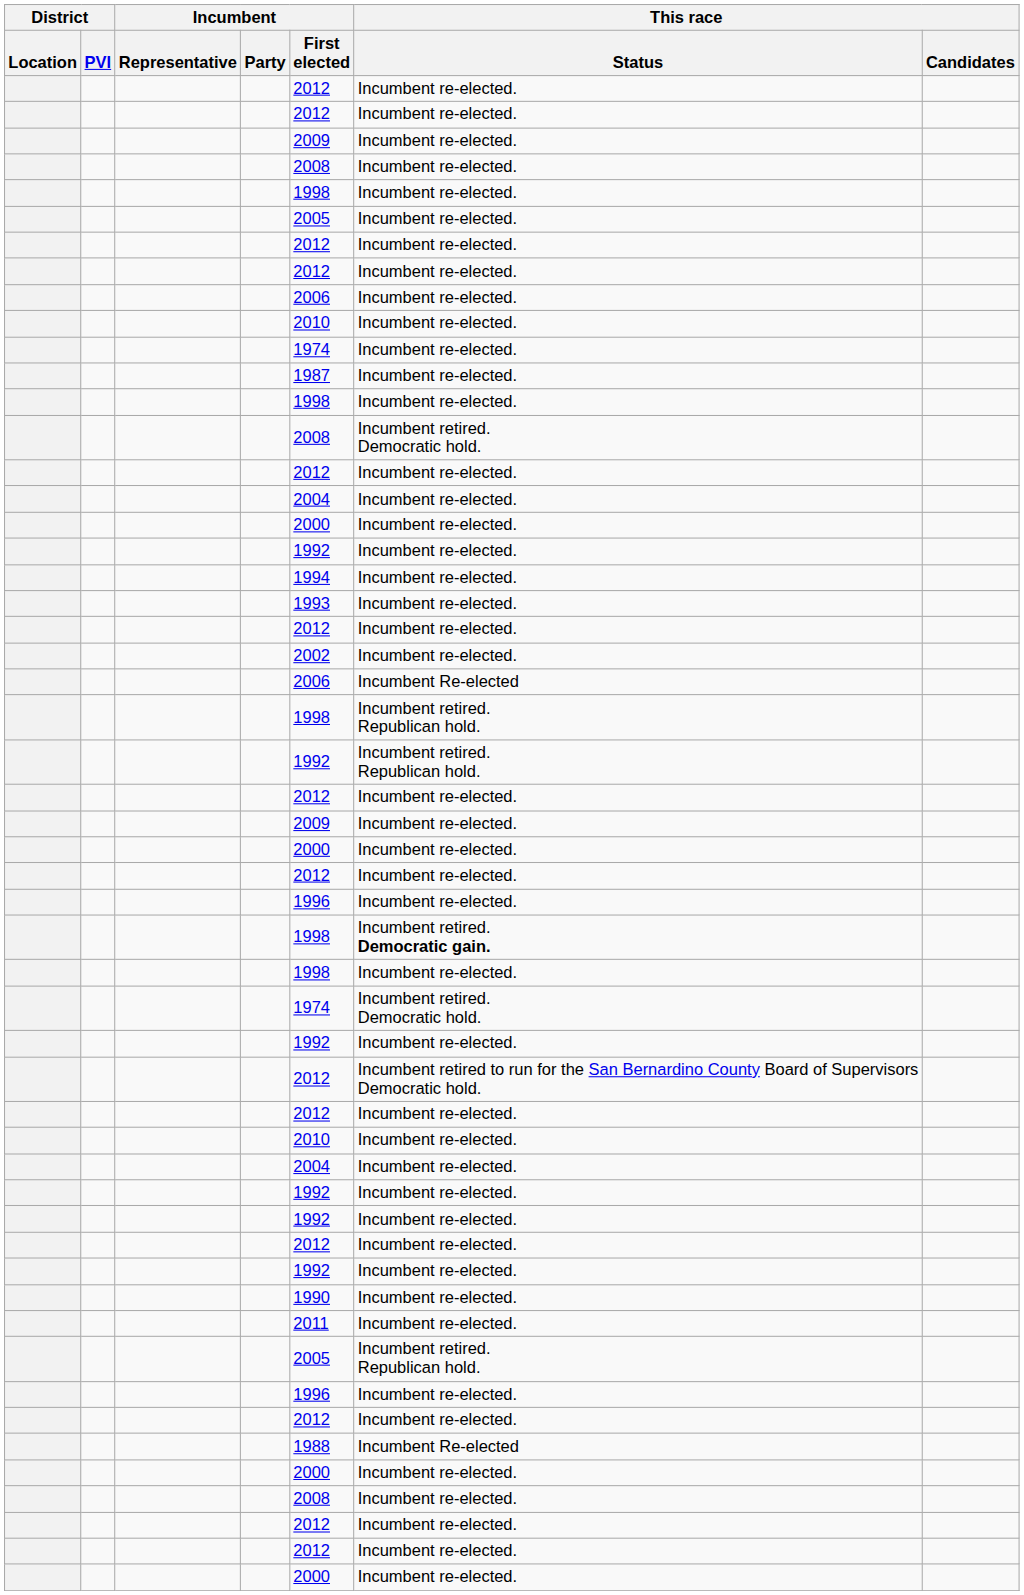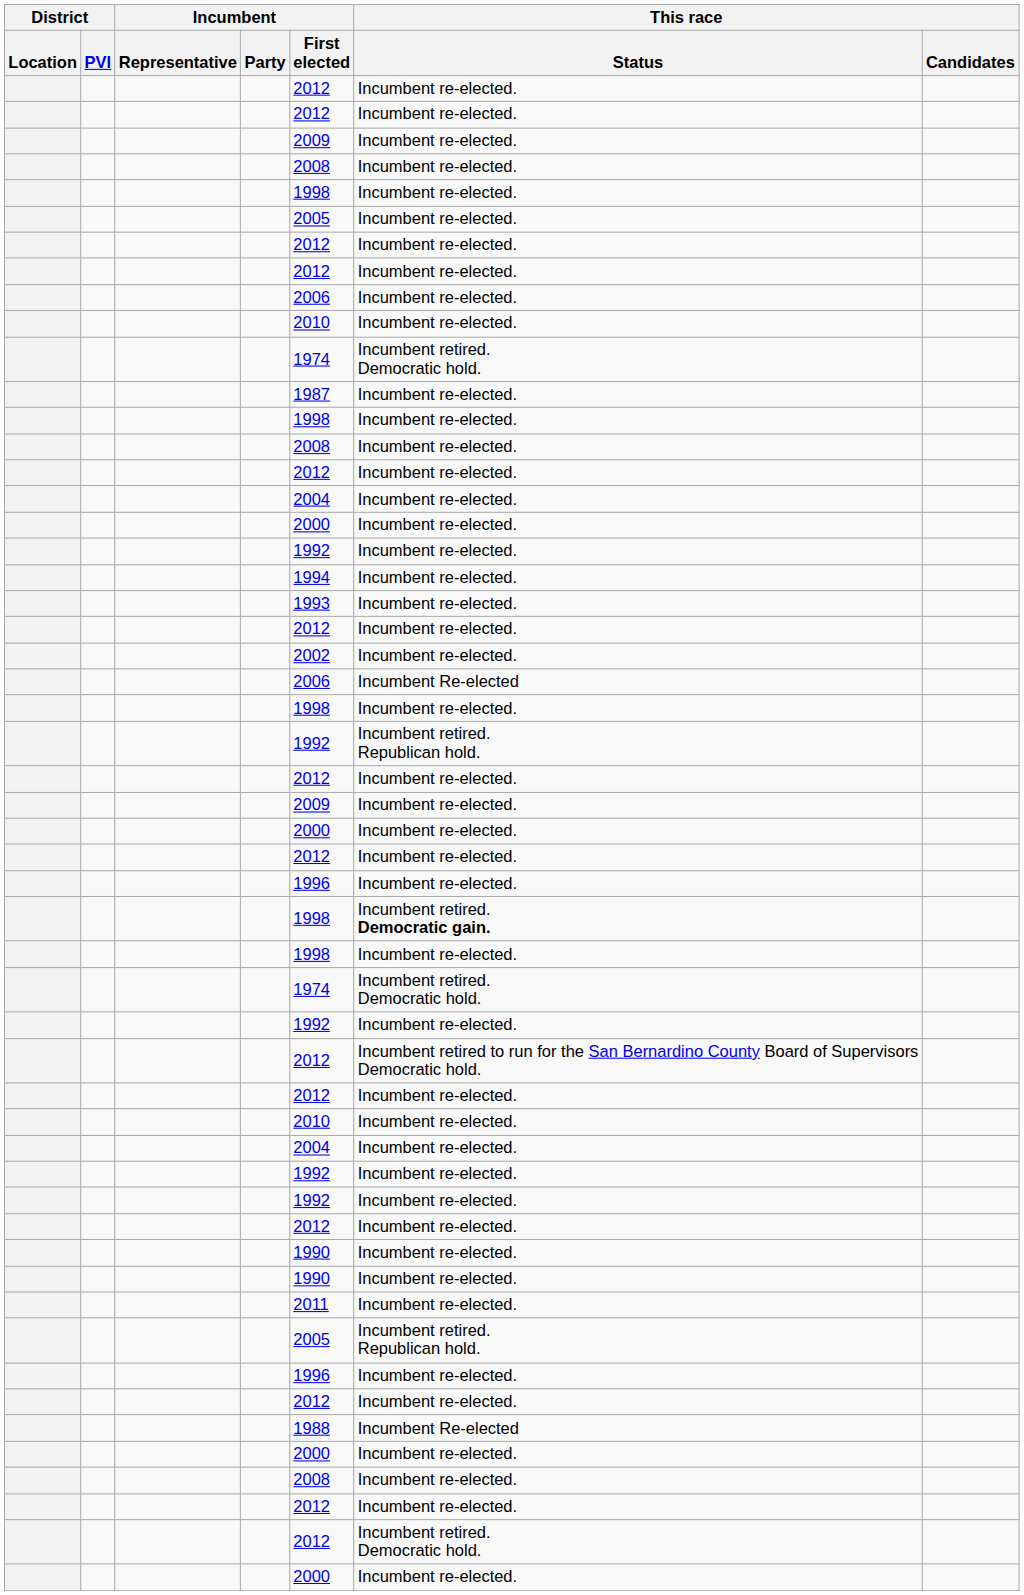 <table class="wikitable sortable">
 <tr valign=bottom>
 <th colspan=2>District</th>
 <th colspan=3>Incumbent</th>
 <th colspan=2>This race</th>
 </tr>
 <tr valign=bottom>
 <th>Location</th>
 <th><a href='#'>PVI</a></th>
 <th>Representative</th>
 <th>Party</th>
 <th>First<br>elected</th>
 <th>Status</th>
 <th>Candidates</th>
 </tr>
 <tr>
 <th></th>
 <td></td>
 <td></td>
 <td></td>
 <td><a href='#'>2012</a></td>
 <td>Incumbent re-elected.</td>
 <td nowrap></td>
 </tr>
 <tr>
 <th></th>
 <td></td>
 <td></td>
 <td></td>
 <td><a href='#'>2012</a></td>
 <td>Incumbent re-elected.</td>
 <td nowrap></td>
 </tr>
 <tr>
 <th></th>
 <td></td>
 <td></td>
 <td></td>
 <td><a href='#'>2009 </a></td>
 <td>Incumbent re-elected.</td>
 <td nowrap></td>
 </tr>
 <tr>
 <th></th>
 <td></td>
 <td></td>
 <td></td>
 <td><a href='#'>2008</a></td>
 <td>Incumbent re-elected.</td>
 <td nowrap></td>
 </tr>
 <tr>
 <th></th>
 <td></td>
 <td></td>
 <td></td>
 <td><a href='#'>1998</a></td>
 <td>Incumbent re-elected.</td>
 <td nowrap></td>
 </tr>
 <tr>
 <th></th>
 <td></td>
 <td></td>
 <td></td>
 <td><a href='#'>2005 </a></td>
 <td>Incumbent re-elected.</td>
 <td nowrap></td>
 </tr>
 <tr>
 <th></th>
 <td></td>
 <td></td>
 <td></td>
 <td><a href='#'>2012</a></td>
 <td>Incumbent re-elected.</td>
 <td nowrap></td>
 </tr>
 <tr>
 <th></th>
 <td></td>
 <td></td>
 <td></td>
 <td><a href='#'>2012</a></td>
 <td>Incumbent re-elected.</td>
 <td nowrap></td>
 </tr>
 <tr>
 <th></th>
 <td></td>
 <td></td>
 <td></td>
 <td><a href='#'>2006</a></td>
 <td>Incumbent re-elected.</td>
 <td nowrap></td>
 </tr>
 <tr>
 <th></th>
 <td></td>
 <td></td>
 <td></td>
 <td><a href='#'>2010</a></td>
 <td>Incumbent re-elected.</td>
 <td nowrap></td>
 </tr>
 <tr>
 <th></th>
 <td></td>
 <td></td>
 <td></td>
 <td><a href='#'>1974</a></td>
-<td>Incumbent re-elected.</td>
+<td>Incumbent retired.<br>Democratic hold.</td>
 <td nowrap></td>
 </tr>
 <tr>
 <th></th>
 <td></td>
 <td></td>
 <td></td>
 <td><a href='#'>1987 </a></td>
 <td>Incumbent re-elected.</td>
 <td nowrap></td>
 </tr>
 <tr>
 <th></th>
 <td></td>
 <td></td>
 <td></td>
 <td><a href='#'>1998 </a></td>
 <td>Incumbent re-elected.</td>
 <td nowrap></td>
 </tr>
 <tr>
 <th></th>
 <td></td>
 <td></td>
 <td></td>
 <td><a href='#'>2008 </a></td>
-<td>Incumbent retired.<br>Democratic hold.</td>
+<td>Incumbent re-elected.</td>
 <td nowrap></td>
 </tr>
 <tr>
 <th></th>
 <td></td>
 <td></td>
 <td></td>
 <td><a href='#'>2012</a></td>
 <td>Incumbent re-elected.</td>
 <td nowrap></td>
 </tr>
 <tr>
 <th></th>
 <td></td>
 <td></td>
 <td></td>
 <td><a href='#'>2004</a></td>
 <td>Incumbent re-elected.</td>
 <td nowrap></td>
 </tr>
 <tr>
 <th></th>
 <td></td>
 <td></td>
 <td></td>
 <td><a href='#'>2000</a></td>
 <td>Incumbent re-elected.</td>
 <td nowrap></td>
 </tr>
 <tr>
 <th></th>
 <td></td>
 <td></td>
 <td></td>
 <td><a href='#'>1992</a></td>
 <td>Incumbent re-elected.</td>
 <td nowrap></td>
 </tr>
 <tr>
 <th></th>
 <td></td>
 <td></td>
 <td></td>
 <td><a href='#'>1994</a></td>
 <td>Incumbent re-elected.</td>
 <td nowrap></td>
 </tr>
 <tr>
 <th></th>
 <td></td>
 <td></td>
 <td></td>
 <td><a href='#'>1993 </a></td>
 <td>Incumbent re-elected.</td>
 <td nowrap></td>
 </tr>
 <tr>
 <th></th>
 <td></td>
 <td></td>
 <td></td>
 <td><a href='#'>2012</a></td>
 <td>Incumbent re-elected.</td>
 <td nowrap></td>
 </tr>
 <tr>
 <th></th>
 <td></td>
 <td></td>
 <td></td>
 <td><a href='#'>2002</a></td>
 <td>Incumbent re-elected.</td>
 <td nowrap></td>
 </tr>
 <tr>
 <th></th>
 <td></td>
 <td></td>
 <td></td>
 <td><a href='#'>2006</a></td>
 <td>Incumbent Re-elected</td>
 <td nowrap></td>
 </tr>
 <tr>
 <th></th>
 <td></td>
 <td></td>
 <td></td>
 <td><a href='#'>1998 </a></td>
-<td>Incumbent retired.<br>Republican hold.</td>
+<td>Incumbent re-elected.</td>
 <td nowrap></td>
 </tr>
 <tr>
 <th></th>
 <td></td>
 <td></td>
 <td></td>
 <td><a href='#'>1992</a></td>
 <td>Incumbent retired.<br>Republican hold.</td>
 <td nowrap></td>
 </tr>
 <tr>
 <th></th>
 <td></td>
 <td></td>
 <td></td>
 <td><a href='#'>2012</a></td>
 <td>Incumbent re-elected.</td>
 <td nowrap></td>
 </tr>
 <tr>
 <th></th>
 <td></td>
 <td></td>
 <td></td>
 <td><a href='#'>2009 </a></td>
 <td>Incumbent re-elected.</td>
 <td nowrap></td>
 </tr>
 <tr>
 <th></th>
 <td></td>
 <td></td>
 <td></td>
 <td><a href='#'>2000</a></td>
 <td>Incumbent re-elected.</td>
 <td nowrap></td>
 </tr>
 <tr>
 <th></th>
 <td></td>
 <td></td>
 <td></td>
 <td><a href='#'>2012</a></td>
 <td>Incumbent re-elected.</td>
 <td nowrap></td>
 </tr>
 <tr>
 <th></th>
 <td></td>
 <td></td>
 <td></td>
 <td><a href='#'>1996</a></td>
 <td>Incumbent re-elected.</td>
 <td nowrap></td>
 </tr>
 <tr>
 <th></th>
 <td></td>
 <td></td>
 <td></td>
 <td><a href='#'>1998</a></td>
 <td>Incumbent retired.<br><strong>Democratic gain.</strong></td>
 <td nowrap></td>
 </tr>
 <tr>
 <th></th>
 <td></td>
 <td></td>
 <td></td>
 <td><a href='#'>1998</a></td>
 <td>Incumbent re-elected.</td>
 <td nowrap></td>
 </tr>
 <tr>
 <th></th>
 <td></td>
 <td></td>
 <td></td>
 <td><a href='#'>1974</a></td>
 <td>Incumbent retired.<br>Democratic hold.</td>
 <td nowrap></td>
 </tr>
 <tr>
 <th></th>
 <td></td>
 <td></td>
 <td></td>
 <td><a href='#'>1992</a></td>
 <td>Incumbent re-elected.</td>
 <td nowrap></td>
 </tr>
 <tr>
 <th></th>
 <td></td>
 <td></td>
 <td></td>
 <td><a href='#'>2012</a></td>
 <td>Incumbent retired to run for the <a href='#'>San Bernardino County</a> Board of Supervisors<br>Democratic hold.</td>
 <td nowrap></td>
 </tr>
 <tr>
 <th></th>
 <td></td>
 <td></td>
 <td></td>
 <td><a href='#'>2012</a></td>
 <td>Incumbent re-elected.</td>
 <td nowrap></td>
 </tr>
 <tr>
 <th></th>
 <td></td>
 <td></td>
 <td></td>
 <td><a href='#'>2010</a></td>
 <td>Incumbent re-elected.</td>
 <td nowrap></td>
 </tr>
 <tr>
 <th></th>
 <td></td>
 <td></td>
 <td></td>
 <td><a href='#'>2004</a></td>
 <td>Incumbent re-elected.</td>
 <td nowrap></td>
 </tr>
 <tr>
 <th></th>
 <td></td>
 <td></td>
 <td></td>
 <td><a href='#'>1992</a></td>
 <td>Incumbent re-elected.</td>
 <td nowrap></td>
 </tr>
 <tr>
 <th></th>
 <td></td>
 <td></td>
 <td></td>
 <td><a href='#'>1992</a></td>
 <td>Incumbent re-elected.</td>
 <td nowrap></td>
 </tr>
 <tr>
 <th></th>
 <td></td>
 <td></td>
 <td></td>
 <td><a href='#'>2012</a></td>
 <td>Incumbent re-elected.</td>
 <td nowrap></td>
 </tr>
 <tr>
 <th></th>
 <td></td>
 <td></td>
 <td></td>
-<td><a href='#'>1992</a></td>
+<td><a href='#'>1990</a></td>
 <td>Incumbent re-elected.</td>
 <td nowrap></td>
 </tr>
 <tr>
 <th></th>
 <td></td>
 <td></td>
 <td></td>
 <td><a href='#'>1990</a></td>
 <td>Incumbent re-elected.</td>
 <td nowrap></td>
 </tr>
 <tr>
 <th></th>
 <td></td>
 <td></td>
 <td></td>
 <td><a href='#'>2011 </a></td>
 <td>Incumbent re-elected.</td>
 <td nowrap></td>
 </tr>
 <tr>
 <th></th>
 <td></td>
 <td></td>
 <td></td>
 <td><a href='#'>2005 </a></td>
 <td>Incumbent retired.<br>Republican hold.</td>
 <td nowrap></td>
 </tr>
 <tr>
 <th></th>
 <td></td>
 <td></td>
 <td></td>
 <td><a href='#'>1996</a></td>
 <td>Incumbent re-elected.</td>
 <td nowrap></td>
 </tr>
 <tr>
 <th></th>
 <td></td>
 <td></td>
 <td></td>
 <td><a href='#'>2012</a></td>
 <td>Incumbent re-elected.</td>
 <td nowrap></td>
 </tr>
 <tr>
 <th></th>
 <td></td>
 <td></td>
 <td></td>
 <td><a href='#'>1988</a></td>
 <td>Incumbent Re-elected</td>
 <td nowrap></td>
 </tr>
 <tr>
 <th></th>
 <td></td>
 <td></td>
 <td></td>
 <td><a href='#'>2000</a></td>
 <td>Incumbent re-elected.</td>
 <td nowrap></td>
 </tr>
 <tr>
 <th></th>
 <td></td>
 <td></td>
 <td></td>
 <td><a href='#'>2008</a></td>
 <td>Incumbent re-elected.</td>
 <td nowrap></td>
 </tr>
 <tr>
 <th></th>
 <td></td>
 <td></td>
 <td></td>
 <td><a href='#'>2012</a></td>
 <td>Incumbent re-elected.</td>
 <td nowrap></td>
 </tr>
 <tr>
 <th></th>
 <td></td>
 <td></td>
 <td></td>
 <td><a href='#'>2012</a></td>
-<td>Incumbent re-elected.</td>
+<td>Incumbent retired.<br>Democratic hold.</td>
 <td nowrap></td>
 </tr>
 <tr>
 <th></th>
 <td></td>
 <td></td>
 <td></td>
 <td><a href='#'>2000</a></td>
 <td>Incumbent re-elected.</td>
 <td nowrap></td>
 </tr>
 </table>
